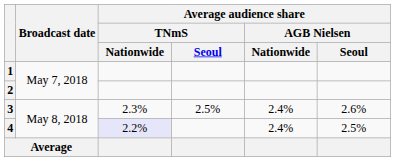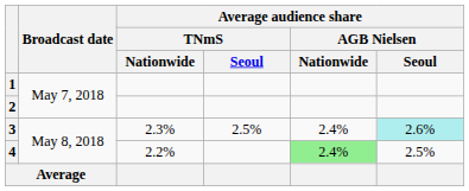 <table class="wikitable" style="text-align:center">
 <tr>
 <th rowspan="3"></th>
 <th rowspan="3">Broadcast date</th>
 <th colspan="4">Average audience share</th>
 </tr>
 <tr>
 <th colspan="2">TNmS</th>
 <th colspan="2">AGB Nielsen</th>
 </tr>
 <tr>
 <th width="90">Nationwide</th>
 <th width="90"><a href='#'>Seoul</a></th>
 <th width="90">Nationwide</th>
 <th width="90">Seoul</th>
 </tr>
 <tr>
 <th>1</th>
 <td rowspan="2">May 7, 2018</td>
 <td></td>
 <td></td>
 <td></td>
 <td></td>
 </tr>
 <tr>
 <th>2</th>
 <td></td>
 <td></td>
 <td></td>
 <td></td>
 </tr>
 <tr>
 <th>3</th>
 <td rowspan="2">May 8, 2018</td>
 <td>2.3%</td>
 <td>2.5%</td>
 <td>2.4%</td>
-<td>2.6%</td>
+<td style="background: paleturquoise;">2.6%</td>
 </tr>
 <tr>
 <th>4</th>
-<td style="background: lavender;">2.2%</td>
+<td>2.2%</td>
 <td></td>
-<td>2.4%</td>
+<td style="background: lightgreen;">2.4%</td>
 <td>2.5%</td>
 </tr>
 <tr>
 <th colspan="2">Average</th>
 <th></th>
 <th></th>
 <th></th>
 <th></th>
 </tr>
 </table>
